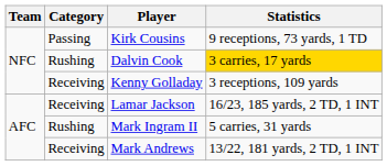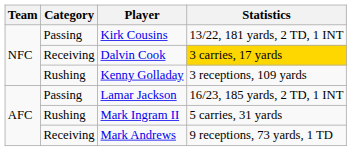 <table class="wikitable" style="float: right;">
 <tr>
 <th>Team</th>
 <th>Category</th>
 <th>Player</th>
 <th>Statistics</th>
 </tr>
 <tr>
 <td rowspan=3>NFC</td>
 <td>Passing</td>
 <td><a href='#'>Kirk Cousins</a></td>
-<td>9 receptions, 73 yards, 1 TD</td>
+<td>13/22, 181 yards, 2 TD, 1 INT</td>
 </tr>
 <tr>
-<td>Rushing</td>
+<td>Receiving</td>
 <td><a href='#'>Dalvin Cook</a></td>
 <td style="background: gold;">3 carries, 17 yards</td>
 </tr>
 <tr>
-<td>Receiving</td>
+<td>Rushing</td>
 <td><a href='#'>Kenny Golladay</a></td>
 <td>3 receptions, 109 yards</td>
 </tr>
 <tr>
 <td rowspan=3>AFC</td>
-<td>Receiving</td>
+<td>Passing</td>
 <td><a href='#'>Lamar Jackson</a></td>
 <td>16/23, 185 yards, 2 TD, 1 INT</td>
 </tr>
 <tr>
 <td>Rushing</td>
 <td><a href='#'>Mark Ingram II</a></td>
 <td>5 carries, 31 yards</td>
 </tr>
 <tr>
 <td>Receiving</td>
 <td><a href='#'>Mark Andrews</a></td>
-<td>13/22, 181 yards, 2 TD, 1 INT</td>
+<td>9 receptions, 73 yards, 1 TD</td>
 </tr>
 </table>
